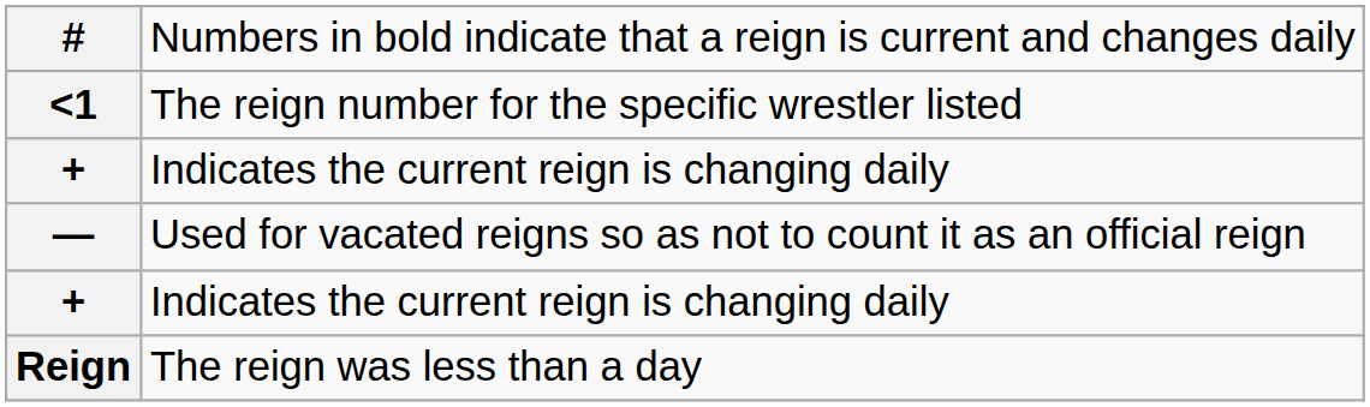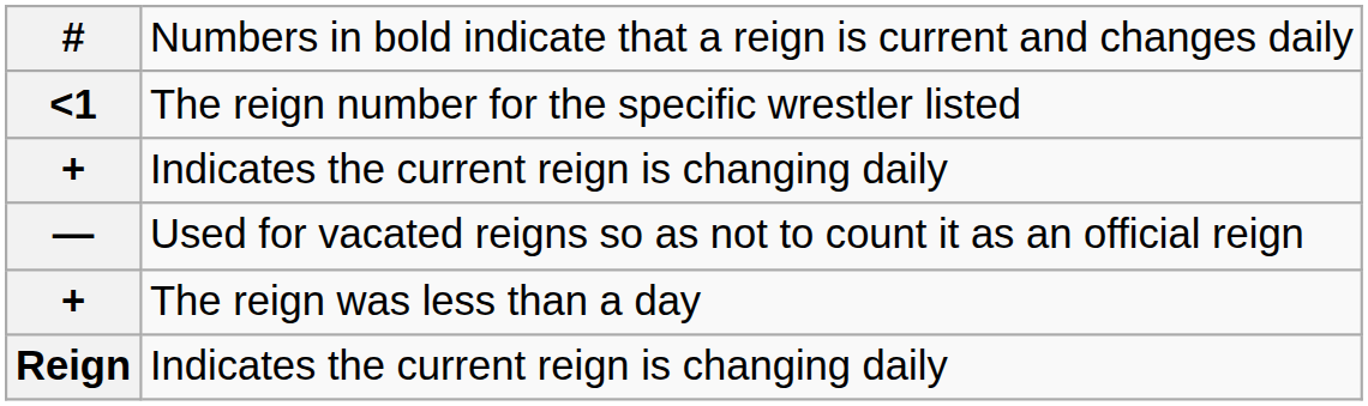 <table class="wikitable">
 <tr>
 <th>#</th>
 <td>Numbers in bold indicate that a reign is current and changes daily</td>
 </tr>
 <tr>
 <th><1</th>
 <td>The reign number for the specific wrestler listed</td>
 </tr>
 <tr>
 <th>+</th>
 <td>Indicates the current reign is changing daily</td>
 </tr>
 <tr>
 <th>—</th>
 <td>Used for vacated reigns so as not to count it as an official reign</td>
 </tr>
 <tr>
 <th>+</th>
-<td>Indicates the current reign is changing daily</td>
+<td>The reign was less than a day</td>
 </tr>
 <tr>
 <th>Reign</th>
-<td>The reign was less than a day</td>
+<td>Indicates the current reign is changing daily</td>
 </tr>
 </table>
